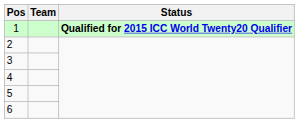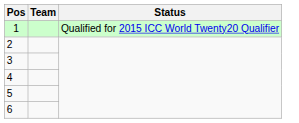 <table class="wikitable">
 <tr>
 <th>Pos</th>
 <th>Team</th>
 <th>Status</th>
 </tr>
 <tr style="background:#cfc">
 <td style="text-align:center">1</td>
 <td style="text-align:left"></td>
-<td><strong>Qualified for <a href='#'>2015 ICC World Twenty20 Qualifier</a></strong></td>
+<td>Qualified for <a href='#'>2015 ICC World Twenty20 Qualifier</a></td>
 </tr>
 <tr>
 <td>2</td>
 <td style="text-align:left"></td>
 </tr>
 <tr>
 <td>3</td>
 <td style="text-align:left"></td>
 </tr>
 <tr>
 <td>4</td>
 <td style="text-align:left"></td>
 </tr>
 <tr>
 <td>5</td>
 <td style="text-align:left"></td>
 </tr>
 <tr>
 <td>6</td>
 <td style="text-align:left"></td>
 </tr>
 </table>
